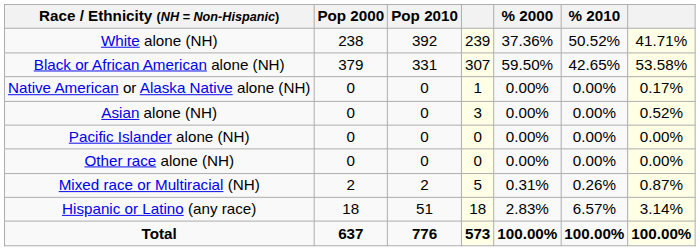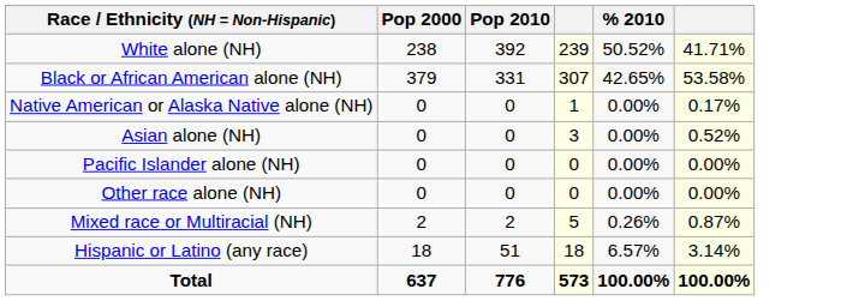 <table class="wikitable"  style="text-align:center;">
 <tr>
 <th>Race / Ethnicity <small>(<em>NH = Non-Hispanic</em>)</small></th>
 <th>Pop 2000</th>
 <th>Pop 2010</th>
 <th></th>
-<th>% 2000</th>
 <th>% 2010</th>
 <th></th>
 </tr>
 <tr>
 <td><a href='#'>White</a> alone (NH)</td>
 <td>238</td>
 <td>392</td>
 <td style='background: #ffffe6;'>239</td>
-<td>37.36%</td>
 <td>50.52%</td>
 <td style='background: #ffffe6;'>41.71%</td>
 </tr>
 <tr>
 <td><a href='#'>Black or African American</a> alone (NH)</td>
 <td>379</td>
 <td>331</td>
 <td style='background: #ffffe6;'>307</td>
-<td>59.50%</td>
 <td>42.65%</td>
 <td style='background: #ffffe6;'>53.58%</td>
 </tr>
 <tr>
 <td><a href='#'>Native American</a> or <a href='#'>Alaska Native</a> alone (NH)</td>
 <td>0</td>
 <td>0</td>
 <td style='background: #ffffe6;'>1</td>
 <td>0.00%</td>
-<td>0.00%</td>
 <td style='background: #ffffe6;'>0.17%</td>
 </tr>
 <tr>
 <td><a href='#'>Asian</a> alone (NH)</td>
 <td>0</td>
 <td>0</td>
 <td style='background: #ffffe6;'>3</td>
-<td>0.00%</td>
 <td>0.00%</td>
 <td style='background: #ffffe6;'>0.52%</td>
 </tr>
 <tr>
 <td><a href='#'>Pacific Islander</a> alone (NH)</td>
 <td>0</td>
 <td>0</td>
 <td style='background: #ffffe6;'>0</td>
 <td>0.00%</td>
-<td>0.00%</td>
 <td style='background: #ffffe6;'>0.00%</td>
 </tr>
 <tr>
 <td><a href='#'>Other race</a> alone (NH)</td>
 <td>0</td>
 <td>0</td>
 <td style='background: #ffffe6;'>0</td>
 <td>0.00%</td>
-<td>0.00%</td>
 <td style='background: #ffffe6;'>0.00%</td>
 </tr>
 <tr>
 <td><a href='#'>Mixed race or Multiracial</a> (NH)</td>
 <td>2</td>
 <td>2</td>
 <td style='background: #ffffe6;'>5</td>
-<td>0.31%</td>
 <td>0.26%</td>
 <td style='background: #ffffe6;'>0.87%</td>
 </tr>
 <tr>
 <td><a href='#'>Hispanic or Latino</a> (any race)</td>
 <td>18</td>
 <td>51</td>
 <td style='background: #ffffe6;'>18</td>
-<td>2.83%</td>
 <td>6.57%</td>
 <td style='background: #ffffe6;'>3.14%</td>
 </tr>
 <tr>
 <td><strong>Total</strong></td>
 <td><strong>637</strong></td>
 <td><strong>776</strong></td>
 <td style='background: #ffffe6;'><strong>573</strong></td>
 <td><strong>100.00%</strong></td>
-<td><strong>100.00%</strong></td>
 <td style='background: #ffffe6;'><strong>100.00%</strong></td>
 </tr>
 </table>
